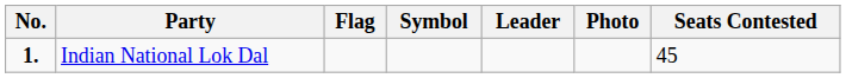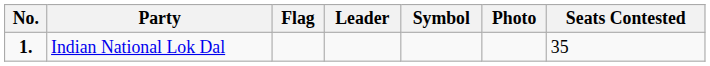 <table class="wikitable"  " width="50%">
 <tr>
 <th>No.</th>
 <th>Party</th>
 <th>Flag</th>
+<th>Leader</th>
 <th>Symbol</th>
-<th>Leader</th>
 <th>Photo</th>
 <th>Seats Contested</th>
 </tr>
 <tr>
 <td ! style="text-align:center; background:"><strong>1.</strong></td>
 <td><a href='#'>Indian National Lok Dal</a></td>
 <td></td>
 <td></td>
 <td></td>
 <td></td>
-<td>45</td>
+<td>35</td>
 </tr>
 </table>
